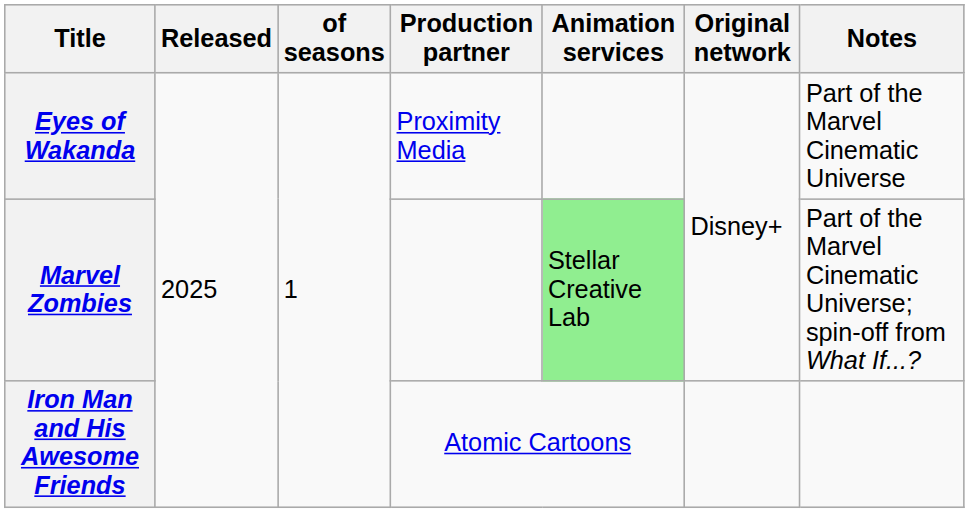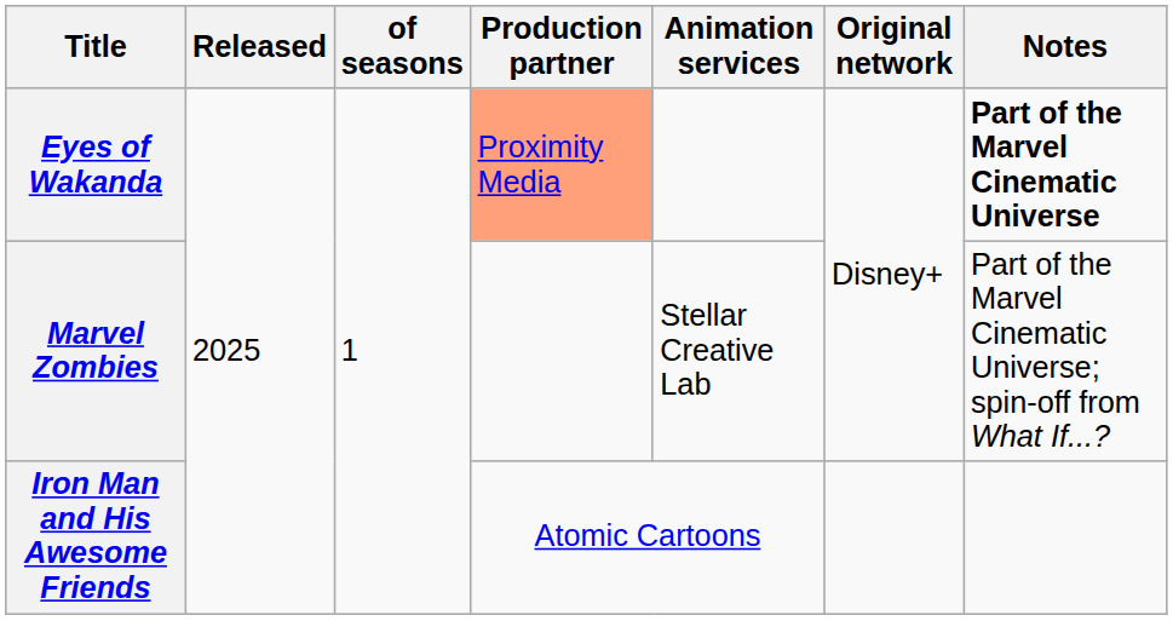 <table class="wikitable plainrowheaders defaultleft col3center">
 <tr>
 <th scope="col">Title</th>
 <th scope="col">Released</th>
 <th scope="col"> of<br>seasons</th>
 <th scope="col">Production partner</th>
 <th scope="col">Animation services</th>
 <th scope="col">Original network</th>
 <th scope="col">Notes</th>
 </tr>
 <tr>
 <th scope="row"><em><a href='#'>Eyes of Wakanda</a></em></th>
 <td rowspan="3">2025</td>
 <td rowspan="3">1</td>
-<td><a href='#'>Proximity Media</a></td>
+<td style="background: lightsalmon;"><a href='#'>Proximity Media</a></td>
 <td></td>
 <td rowspan="2">Disney+</td>
-<td>Part of the Marvel Cinematic Universe</td>
+<td><strong>Part of the Marvel Cinematic Universe</strong></td>
 </tr>
 <tr>
 <th scope="row"><em><a href='#'>Marvel Zombies</a></em></th>
 <td></td>
-<td style="background: lightgreen;">Stellar Creative Lab</td>
+<td>Stellar Creative Lab</td>
 <td>Part of the Marvel Cinematic Universe; spin-off from <em>What If...?</em></td>
 </tr>
 <tr>
 <th scope="row"><em><a href='#'>Iron Man and His Awesome Friends</a></em></th>
 <td colspan="2" align="center"><a href='#'>Atomic Cartoons</a></td>
 <td></td>
 <td></td>
 </tr>
 </table>
